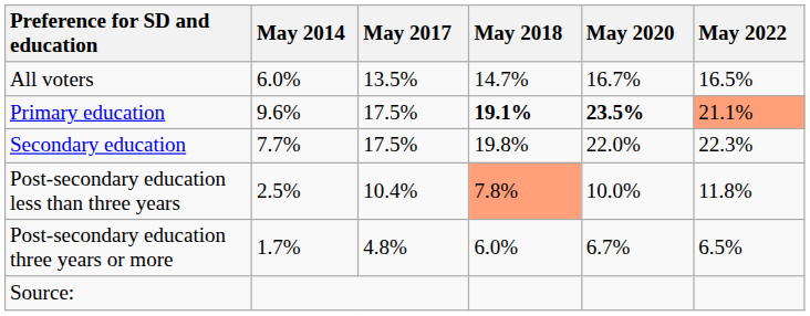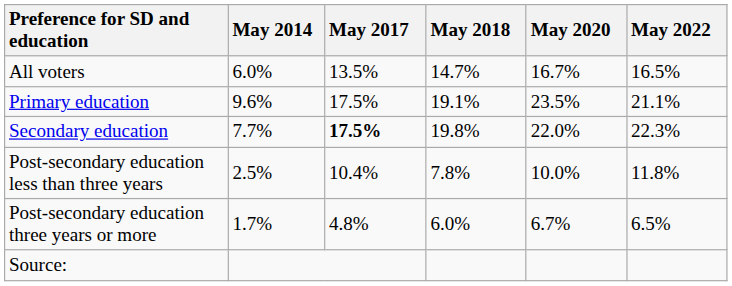 <table class="wikitable">
 <tr>
 <th style="text-align:left; width:250px;">Preference for SD and education</th>
 <th style="text-align:left; width:100px;">May 2014</th>
 <th style="text-align:left; width:100px;">May 2017</th>
 <th style="text-align:left; width:100px;">May 2018</th>
 <th style="text-align:left; width:100px;">May 2020</th>
 <th style="text-align:left; width:100px;">May 2022</th>
 </tr>
 <tr>
 <td>All voters</td>
 <td>6.0%</td>
 <td>13.5%</td>
 <td>14.7%</td>
 <td>16.7%</td>
 <td>16.5%</td>
 </tr>
 <tr>
 <td><a href='#'>Primary education</a></td>
 <td>9.6%</td>
 <td>17.5%</td>
-<td><strong>19.1%</strong></td>
-<td><strong>23.5%</strong></td>
-<td style="background: lightsalmon;">21.1%</td>
+<td>19.1%</td>
+<td>23.5%</td>
+<td>21.1%</td>
 </tr>
 <tr>
 <td><a href='#'>Secondary education</a></td>
 <td>7.7%</td>
-<td>17.5%</td>
+<td><strong>17.5%</strong></td>
 <td>19.8%</td>
 <td>22.0%</td>
 <td>22.3%</td>
 </tr>
 <tr>
 <td>Post-secondary education less than three years</td>
 <td>2.5%</td>
 <td>10.4%</td>
-<td style="background: lightsalmon;">7.8%</td>
+<td>7.8%</td>
 <td>10.0%</td>
 <td>11.8%</td>
 </tr>
 <tr>
 <td>Post-secondary education three years or more</td>
 <td>1.7%</td>
 <td>4.8%</td>
 <td>6.0%</td>
 <td>6.7%</td>
 <td>6.5%</td>
 </tr>
 <tr>
 <td>Source:</td>
 <td colspan="2"></td>
 <td></td>
 <td></td>
 <td></td>
 </tr>
 </table>
